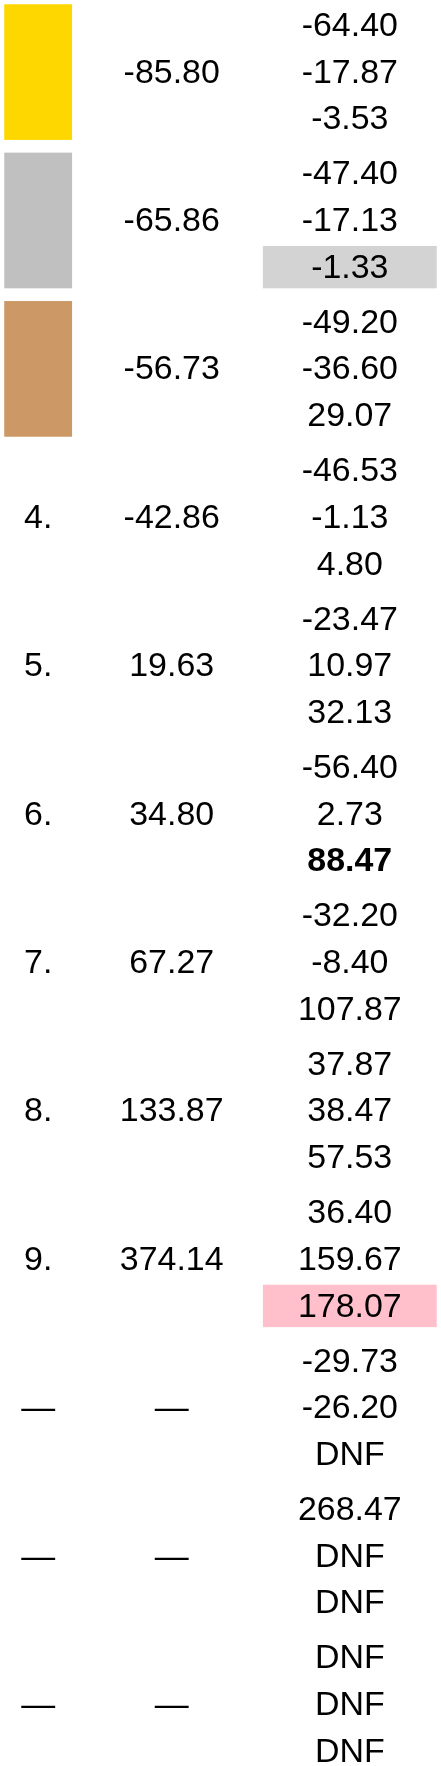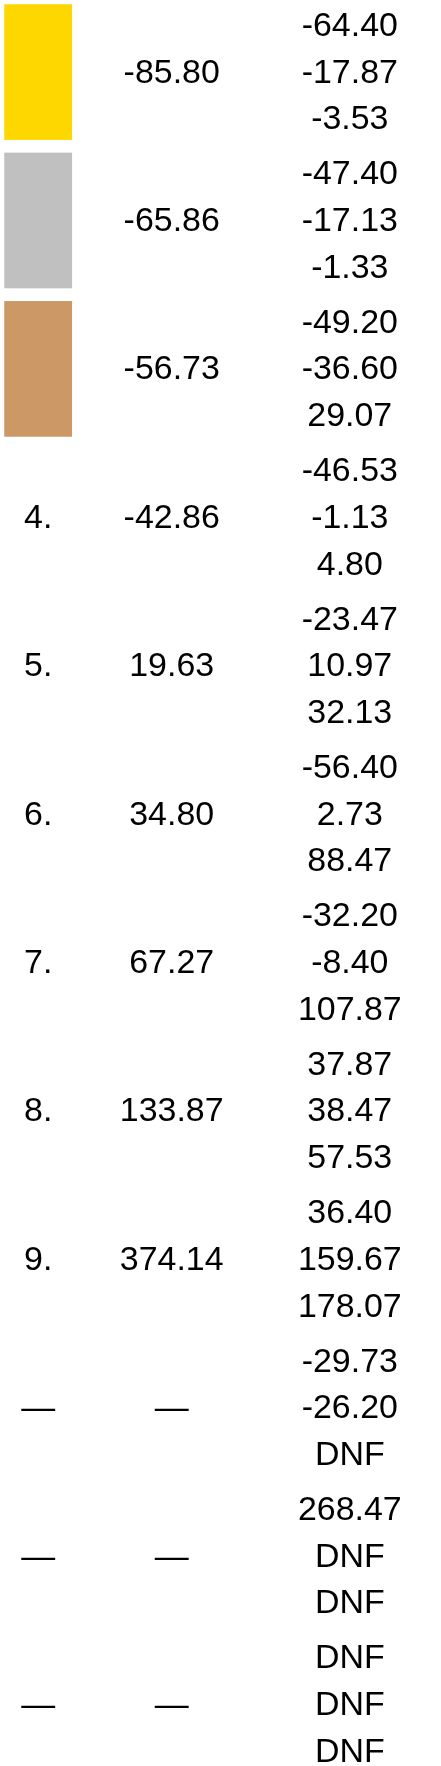 <table style="text-align:center">
 <tr>
 <td width=30 bgcolor=gold rowspan=3></td>
 <td align=left></td>
 <td rowspan=3 width=80>-85.80</td>
 <td width=80>-64.40</td>
 </tr>
 <tr>
 <td align=left></td>
 <td>-17.87</td>
 </tr>
 <tr>
 <td align=left></td>
 <td>-3.53</td>
 </tr>
 <tr>
 <td colspan=4></td>
 </tr>
 <tr>
 <td bgcolor=silver rowspan=3></td>
 <td align=left></td>
 <td rowspan=3>-65.86</td>
 <td>-47.40</td>
 </tr>
 <tr>
 <td align=left></td>
 <td>-17.13</td>
 </tr>
 <tr>
 <td align=left></td>
-<td style="background: lightgrey;">-1.33</td>
+<td>-1.33</td>
 </tr>
 <tr>
 <td colspan=4></td>
 </tr>
 <tr>
 <td bgcolor=cc9966 rowspan=3></td>
 <td align=left></td>
 <td rowspan=3>-56.73</td>
 <td>-49.20</td>
 </tr>
 <tr>
 <td align=left></td>
 <td>-36.60</td>
 </tr>
 <tr>
 <td align=left></td>
 <td>29.07</td>
 </tr>
 <tr>
 <td colspan=4></td>
 </tr>
 <tr>
 <td rowspan=3>4.</td>
 <td align=left></td>
 <td rowspan=3>-42.86</td>
 <td>-46.53</td>
 </tr>
 <tr>
 <td align=left></td>
 <td>-1.13</td>
 </tr>
 <tr>
 <td align=left></td>
 <td>4.80</td>
 </tr>
 <tr>
 <td colspan=4></td>
 </tr>
 <tr>
 <td rowspan=3>5.</td>
 <td align=left></td>
 <td rowspan="3">19.63</td>
 <td>-23.47</td>
 </tr>
 <tr>
 <td align=left></td>
 <td>10.97</td>
 </tr>
 <tr>
 <td align=left></td>
 <td>32.13</td>
 </tr>
 <tr>
 <td colspan=4></td>
 </tr>
 <tr>
 <td rowspan=3>6.</td>
 <td align=left></td>
 <td rowspan=3>34.80</td>
 <td>-56.40</td>
 </tr>
 <tr>
 <td align=left></td>
 <td>2.73</td>
 </tr>
 <tr>
 <td align=left></td>
-<td><strong>88.47</strong></td>
+<td>88.47</td>
 </tr>
 <tr>
 <td colspan=4></td>
 </tr>
 <tr>
 <td rowspan=3>7.</td>
 <td align=left></td>
 <td rowspan=3>67.27</td>
 <td>-32.20</td>
 </tr>
 <tr>
 <td align=left></td>
 <td>-8.40</td>
 </tr>
 <tr>
 <td align=left></td>
 <td>107.87</td>
 </tr>
 <tr>
 <td colspan=4></td>
 </tr>
 <tr>
 <td rowspan=3>8.</td>
 <td align=left></td>
 <td rowspan=3>133.87</td>
 <td>37.87</td>
 </tr>
 <tr>
 <td align=left></td>
 <td>38.47</td>
 </tr>
 <tr>
 <td align=left></td>
 <td>57.53</td>
 </tr>
 <tr>
 <td colspan=4></td>
 </tr>
 <tr>
 <td rowspan=3>9.</td>
 <td align=left></td>
 <td rowspan=3>374.14</td>
 <td>36.40</td>
 </tr>
 <tr>
 <td align=left></td>
 <td>159.67</td>
 </tr>
 <tr>
 <td align=left></td>
-<td style="background: pink;">178.07</td>
+<td>178.07</td>
 </tr>
 <tr>
 <td colspan=4></td>
 </tr>
 <tr>
 <td rowspan=3>—</td>
 <td align=left></td>
 <td rowspan=3>—</td>
 <td>-29.73</td>
 </tr>
 <tr>
 <td align=left></td>
 <td>-26.20</td>
 </tr>
 <tr>
 <td align=left></td>
 <td>DNF</td>
 </tr>
 <tr>
 <td colspan=4></td>
 </tr>
 <tr>
 <td rowspan=3>—</td>
 <td align=left></td>
 <td rowspan=3>—</td>
 <td>268.47</td>
 </tr>
 <tr>
 <td align=left></td>
 <td>DNF</td>
 </tr>
 <tr>
 <td align=left></td>
 <td>DNF</td>
 </tr>
 <tr>
 <td colspan=4></td>
 </tr>
 <tr>
 <td rowspan=3>—</td>
 <td align=left></td>
 <td rowspan=3>—</td>
 <td>DNF</td>
 </tr>
 <tr>
 <td align=left></td>
 <td>DNF</td>
 </tr>
 <tr>
 <td align=left></td>
 <td>DNF</td>
 </tr>
 </table>
